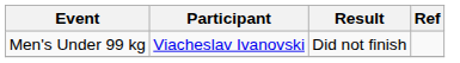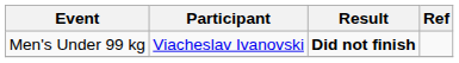 <table class="wikitable" style="font-size: 95%;">
 <tr>
 <th>Event</th>
 <th>Participant</th>
 <th>Result</th>
 <th>Ref</th>
 </tr>
 <tr>
 <td>Men's Under 99 kg</td>
 <td><a href='#'>Viacheslav Ivanovski</a></td>
-<td>Did not finish</td>
+<td><strong>Did not finish</strong></td>
 <td></td>
 </tr>
 <tr>
 </tr>
 </table>
